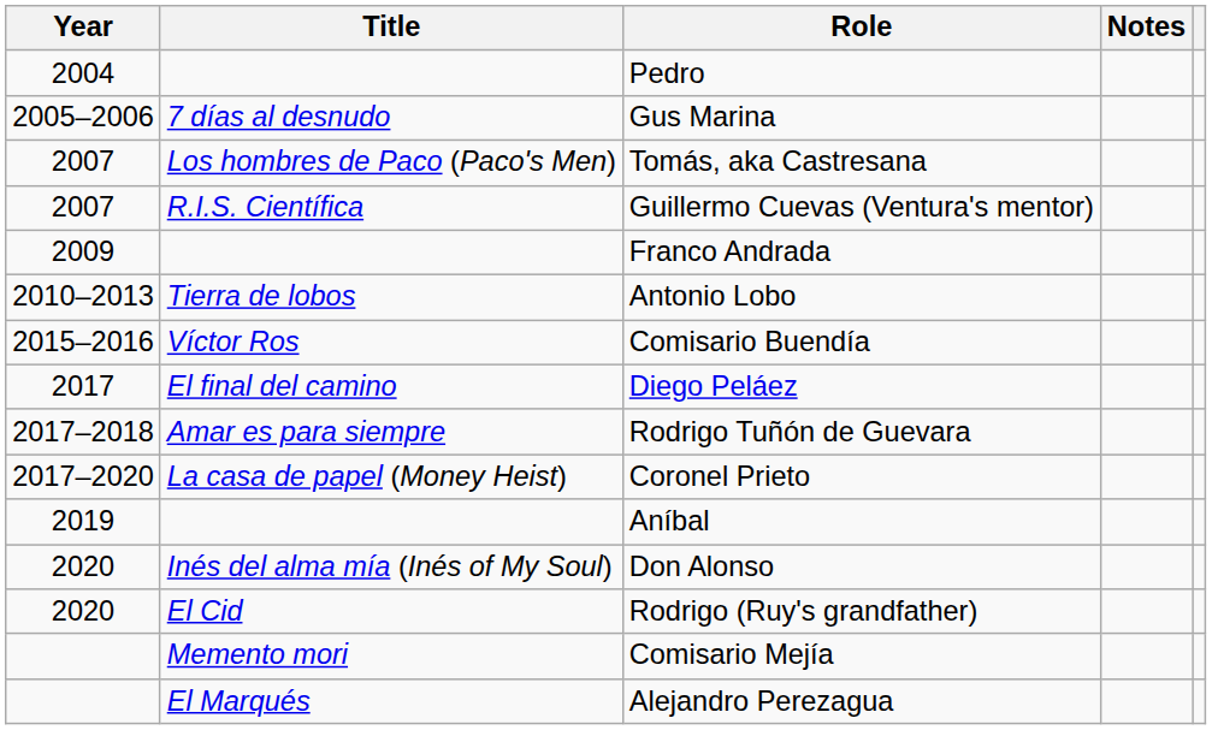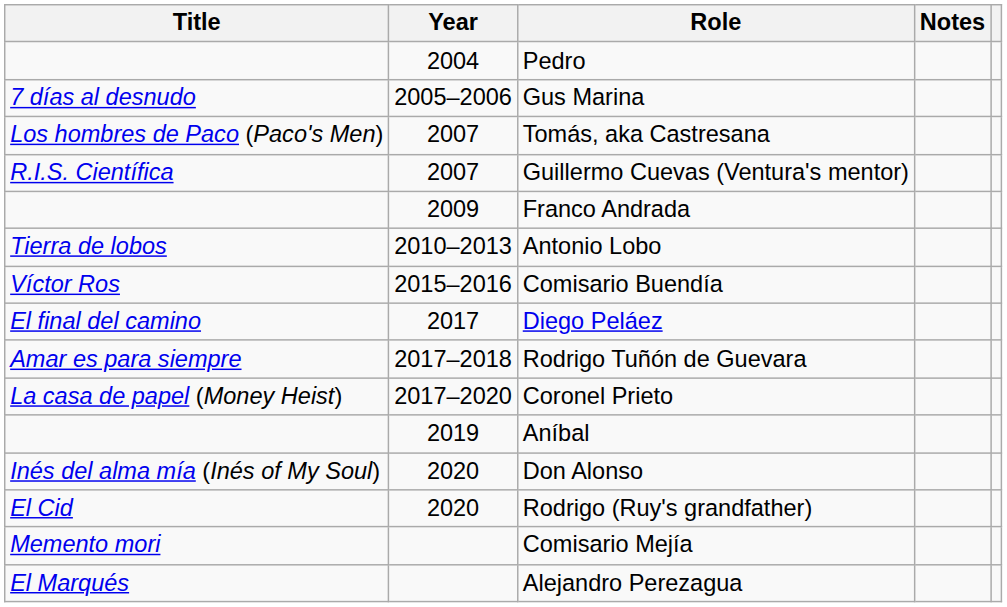 <table class="wikitable sortable">
 <tr>
+<th>Title</th>
 <th>Year</th>
-<th>Title</th>
 <th>Role</th>
 <th class="unsortable">Notes</th>
 <th></th>
 </tr>
 <tr>
+<td><em></em></td>
 <td align="center">2004</td>
-<td><em></em></td>
 <td>Pedro</td>
 <td></td>
 <td align = "center"></td>
 </tr>
 <tr>
+<td><em><a href='#'>7 días al desnudo</a></em></td>
 <td align = "center">2005–2006</td>
-<td><em><a href='#'>7 días al desnudo</a></em></td>
 <td>Gus Marina</td>
 <td></td>
 <td align = "center"></td>
 </tr>
 <tr>
+<td><em><a href='#'>Los hombres de Paco</a></em> (<em>Paco's Men</em>)</td>
 <td align  = "center">2007</td>
-<td><em><a href='#'>Los hombres de Paco</a></em> (<em>Paco's Men</em>)</td>
 <td>Tomás, aka Castresana</td>
 <td></td>
 <td align = "center"></td>
 </tr>
 <tr>
+<td><em><a href='#'>R.I.S. Científica</a></em></td>
 <td align = "center">2007</td>
-<td><em><a href='#'>R.I.S. Científica</a></em></td>
 <td>Guillermo Cuevas (Ventura's mentor)</td>
 <td></td>
 <td align = "center"></td>
 </tr>
 <tr>
+<td></td>
 <td align = "center">2009</td>
-<td></td>
 <td>Franco Andrada</td>
 <td></td>
 <td align = "center"></td>
 </tr>
 <tr>
+<td><em><a href='#'>Tierra de lobos</a></em></td>
 <td align = "center">2010–2013</td>
-<td><em><a href='#'>Tierra de lobos</a></em></td>
 <td>Antonio Lobo</td>
 <td></td>
 <td align = "center"></td>
 </tr>
 <tr>
+<td><em><a href='#'>Víctor Ros</a></em></td>
 <td align = "center">2015–2016</td>
-<td><em><a href='#'>Víctor Ros</a></em></td>
 <td>Comisario Buendía</td>
 <td></td>
 <td align = "center"></td>
 </tr>
 <tr>
+<td><em><a href='#'>El final del camino</a></em></td>
 <td align = "center">2017</td>
-<td><em><a href='#'>El final del camino</a></em></td>
 <td><a href='#'>Diego Peláez</a></td>
 <td></td>
 <td align = "center"></td>
 </tr>
 <tr>
+<td><em><a href='#'>Amar es para siempre</a></em></td>
 <td align = "center">2017–2018</td>
-<td><em><a href='#'>Amar es para siempre</a></em></td>
 <td>Rodrigo Tuñón de Guevara</td>
 <td></td>
 <td align = "center"></td>
 </tr>
 <tr>
+<td><em><a href='#'>La casa de papel</a></em> (<em>Money Heist</em>)</td>
 <td align = "center">2017–2020</td>
-<td><em><a href='#'>La casa de papel</a></em> (<em>Money Heist</em>)</td>
 <td>Coronel Prieto</td>
 <td></td>
 <td align = "center"></td>
 </tr>
 <tr>
+<td></td>
 <td align = "center">2019</td>
-<td></td>
 <td>Aníbal</td>
 <td></td>
 <td align = "center"></td>
 </tr>
 <tr>
+<td><em><a href='#'>Inés del alma mía</a></em> (<em>Inés of My Soul</em>)</td>
 <td align = "center">2020</td>
-<td><em><a href='#'>Inés del alma mía</a></em> (<em>Inés of My Soul</em>)</td>
 <td>Don Alonso</td>
 <td></td>
 <td align = "center"></td>
 </tr>
 <tr>
+<td><em><a href='#'>El Cid</a></em></td>
 <td align = "center">2020</td>
-<td><em><a href='#'>El Cid</a></em></td>
 <td>Rodrigo (Ruy's grandfather)</td>
 <td></td>
 <td align = "center"></td>
 </tr>
 <tr>
+<td><em><a href='#'>Memento mori</a></em></td>
 <td></td>
-<td><em><a href='#'>Memento mori</a></em></td>
 <td>Comisario Mejía</td>
 <td></td>
 <td></td>
 </tr>
 <tr>
+<td><em><a href='#'>El Marqués</a></em></td>
 <td></td>
-<td><em><a href='#'>El Marqués</a></em></td>
 <td>Alejandro Perezagua</td>
 <td></td>
 <td></td>
 </tr>
 </table>
